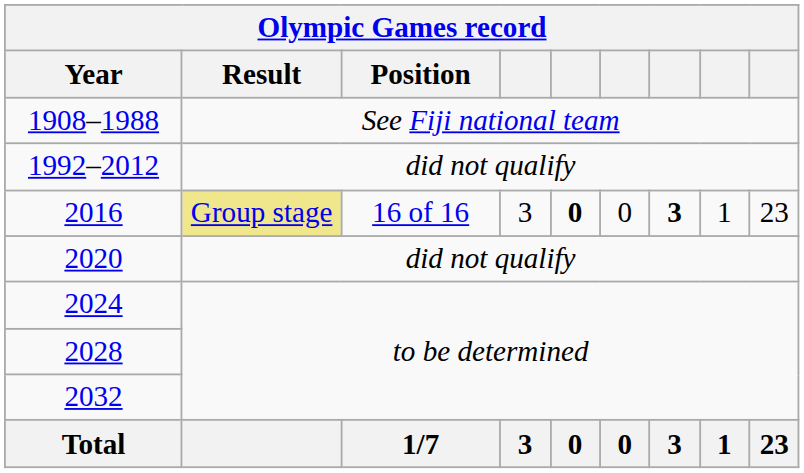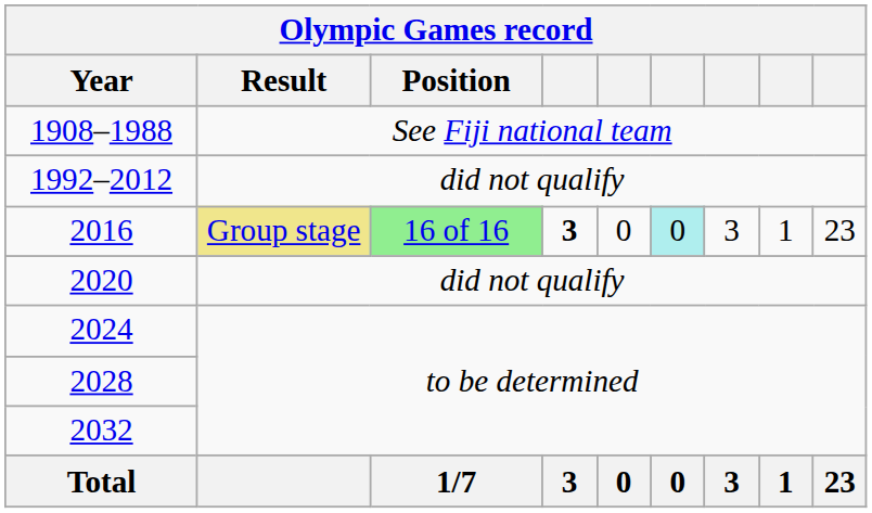 <table class="wikitable" style="text-align: center;">
 <tr>
 <th colspan=9><a href='#'>Olympic Games record</a></th>
 </tr>
 <tr>
 <th width="90">Year</th>
 <th width="80">Result</th>
 <th width="80">Position</th>
 <th width="20"></th>
 <th width="20"></th>
 <th width="20"></th>
 <th width="20"></th>
 <th width="20"></th>
 <th width="20"></th>
 </tr>
 <tr>
 <td><a href='#'>1908</a>–<a href='#'>1988</a></td>
 <td colspan=8><em>See <a href='#'>Fiji national team</a></em></td>
 </tr>
 <tr>
 <td><a href='#'>1992</a>–<a href='#'>2012</a></td>
 <td colspan=8><em>did not qualify</em></td>
 </tr>
 <tr>
 <td> <a href='#'>2016</a></td>
 <td style="background: khaki;"><a href='#'>Group stage</a></td>
-<td><a href='#'>16 of 16</a></td>
+<td style="background: lightgreen;"><a href='#'>16 of 16</a></td>
+<td><strong>3</strong></td>
+<td>0</td>
+<td style="background: paleturquoise;">0</td>
 <td>3</td>
-<td><strong>0</strong></td>
-<td>0</td>
-<td><strong>3</strong></td>
 <td>1</td>
 <td>23</td>
 </tr>
 <tr>
 <td> <a href='#'>2020</a></td>
 <td colspan=8><em>did not qualify</em></td>
 </tr>
 <tr>
 <td> <a href='#'>2024</a></td>
 <td rowspan=3 colspan=8><em>to be determined</em></td>
 </tr>
 <tr>
 <td> <a href='#'>2028</a></td>
 </tr>
 <tr>
 <td> <a href='#'>2032</a></td>
 </tr>
 <tr>
 <th><strong>Total</strong></th>
 <th></th>
 <th><strong>1/7</strong></th>
 <th><strong>3</strong></th>
 <th><strong>0</strong></th>
 <th><strong>0</strong></th>
 <th><strong>3</strong></th>
 <th><strong>1</strong></th>
 <th><strong>23</strong></th>
 </tr>
 </table>
